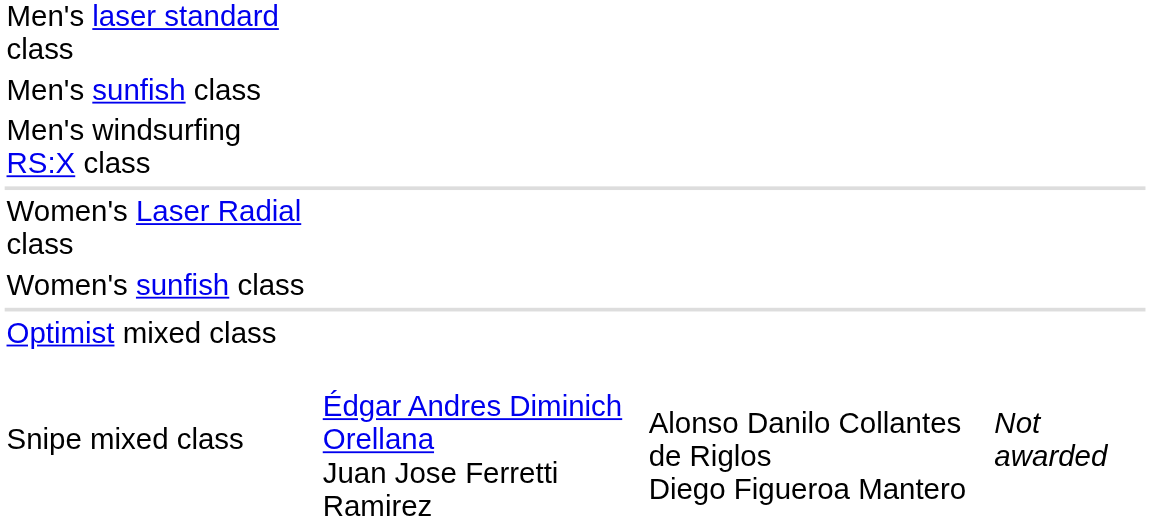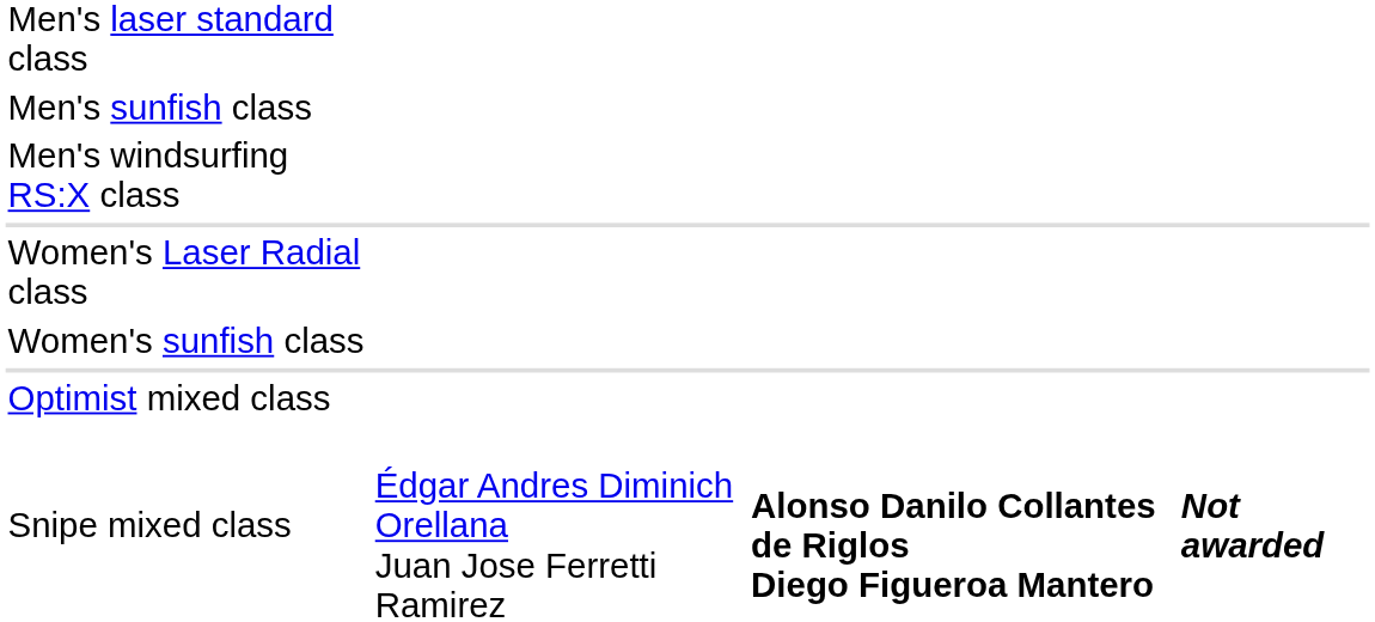 <table>
 <tr>
 <td>Men's <a href='#'>laser standard</a> class</td>
 <td></td>
 <td></td>
 <td></td>
 </tr>
 <tr>
 <td>Men's <a href='#'>sunfish</a> class</td>
 <td></td>
 <td></td>
 <td></td>
 </tr>
 <tr>
 <td>Men's windsurfing <a href='#'>RS:X</a> class</td>
 <td></td>
 <td></td>
 <td></td>
 </tr>
 <tr bgcolor=#DDDDDD>
 <td colspan=7></td>
 </tr>
 <tr>
 <td>Women's <a href='#'>Laser Radial</a> class</td>
 <td></td>
 <td></td>
 <td></td>
 </tr>
 <tr>
 <td>Women's <a href='#'>sunfish</a> class</td>
 <td></td>
 <td></td>
 <td></td>
 </tr>
 <tr bgcolor=#DDDDDD>
 <td colspan=7></td>
 </tr>
 <tr>
 <td><a href='#'>Optimist</a> mixed class</td>
 <td></td>
 <td></td>
 <td></td>
 </tr>
 <tr>
 <td>Snipe mixed class</td>
 <td><br><a href='#'>Édgar Andres Diminich Orellana</a><br>Juan Jose Ferretti Ramirez</td>
-<td><br>Alonso Danilo Collantes de Riglos<br>Diego Figueroa Mantero</td>
-<td><em>Not awarded</em></td>
+<td><strong><br>Alonso Danilo Collantes de Riglos<br>Diego Figueroa Mantero</strong></td>
+<td><strong><em>Not awarded</em></strong></td>
 </tr>
 </table>
